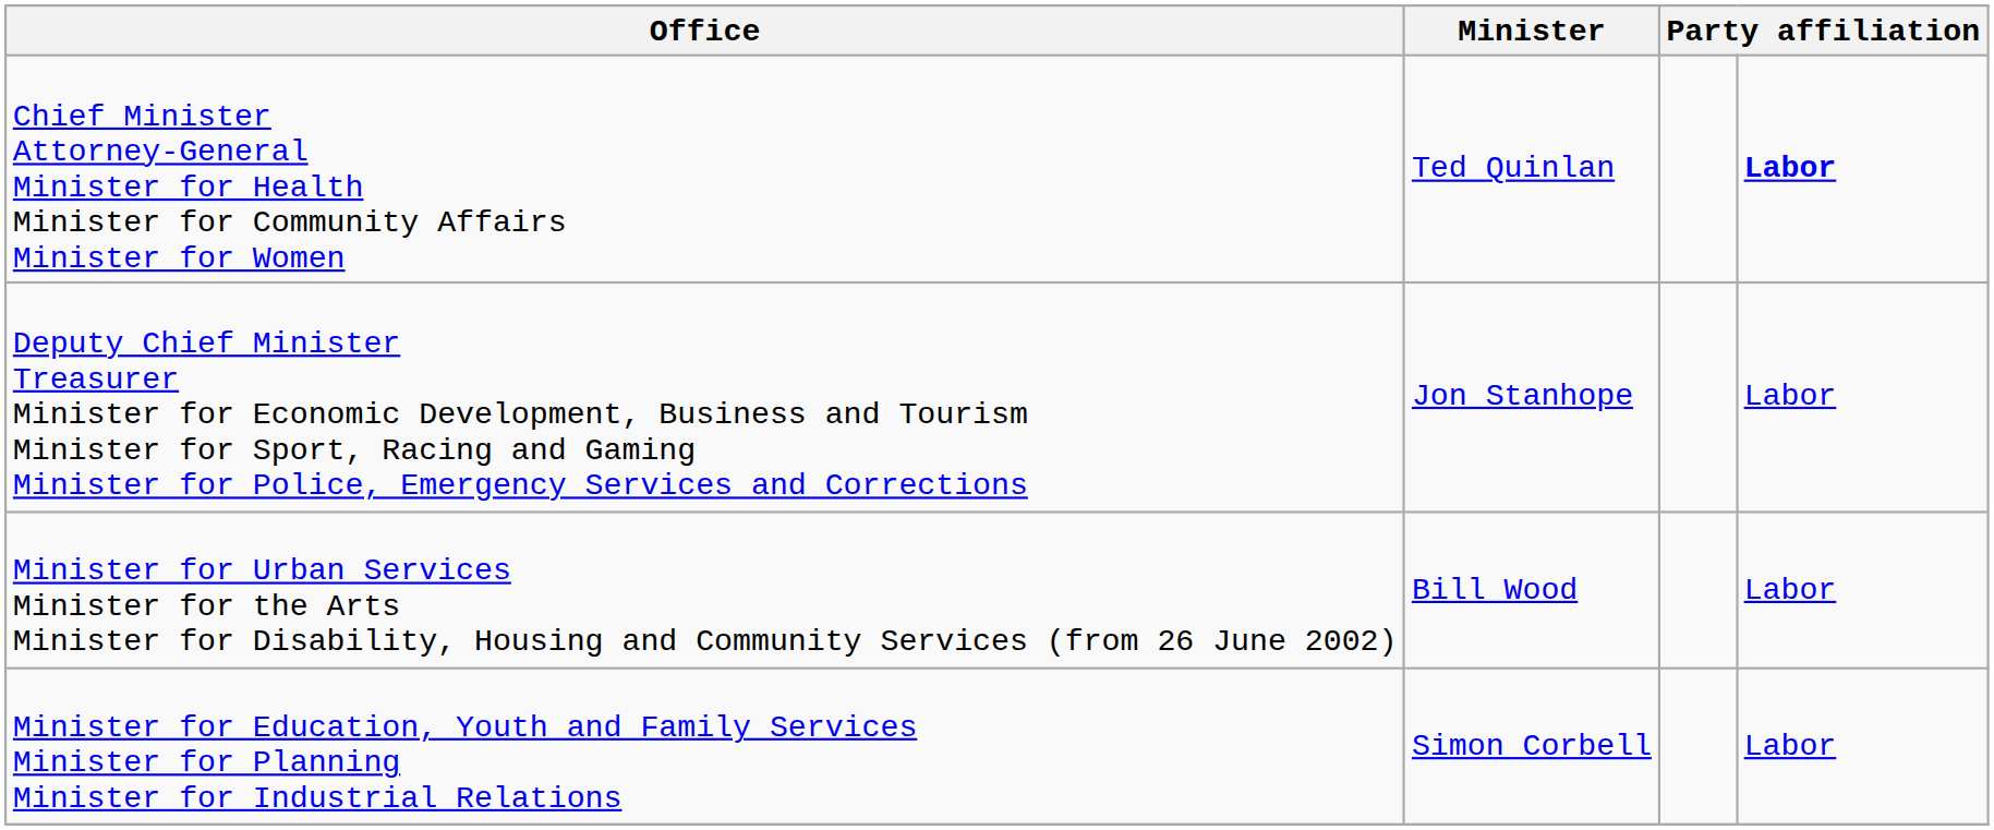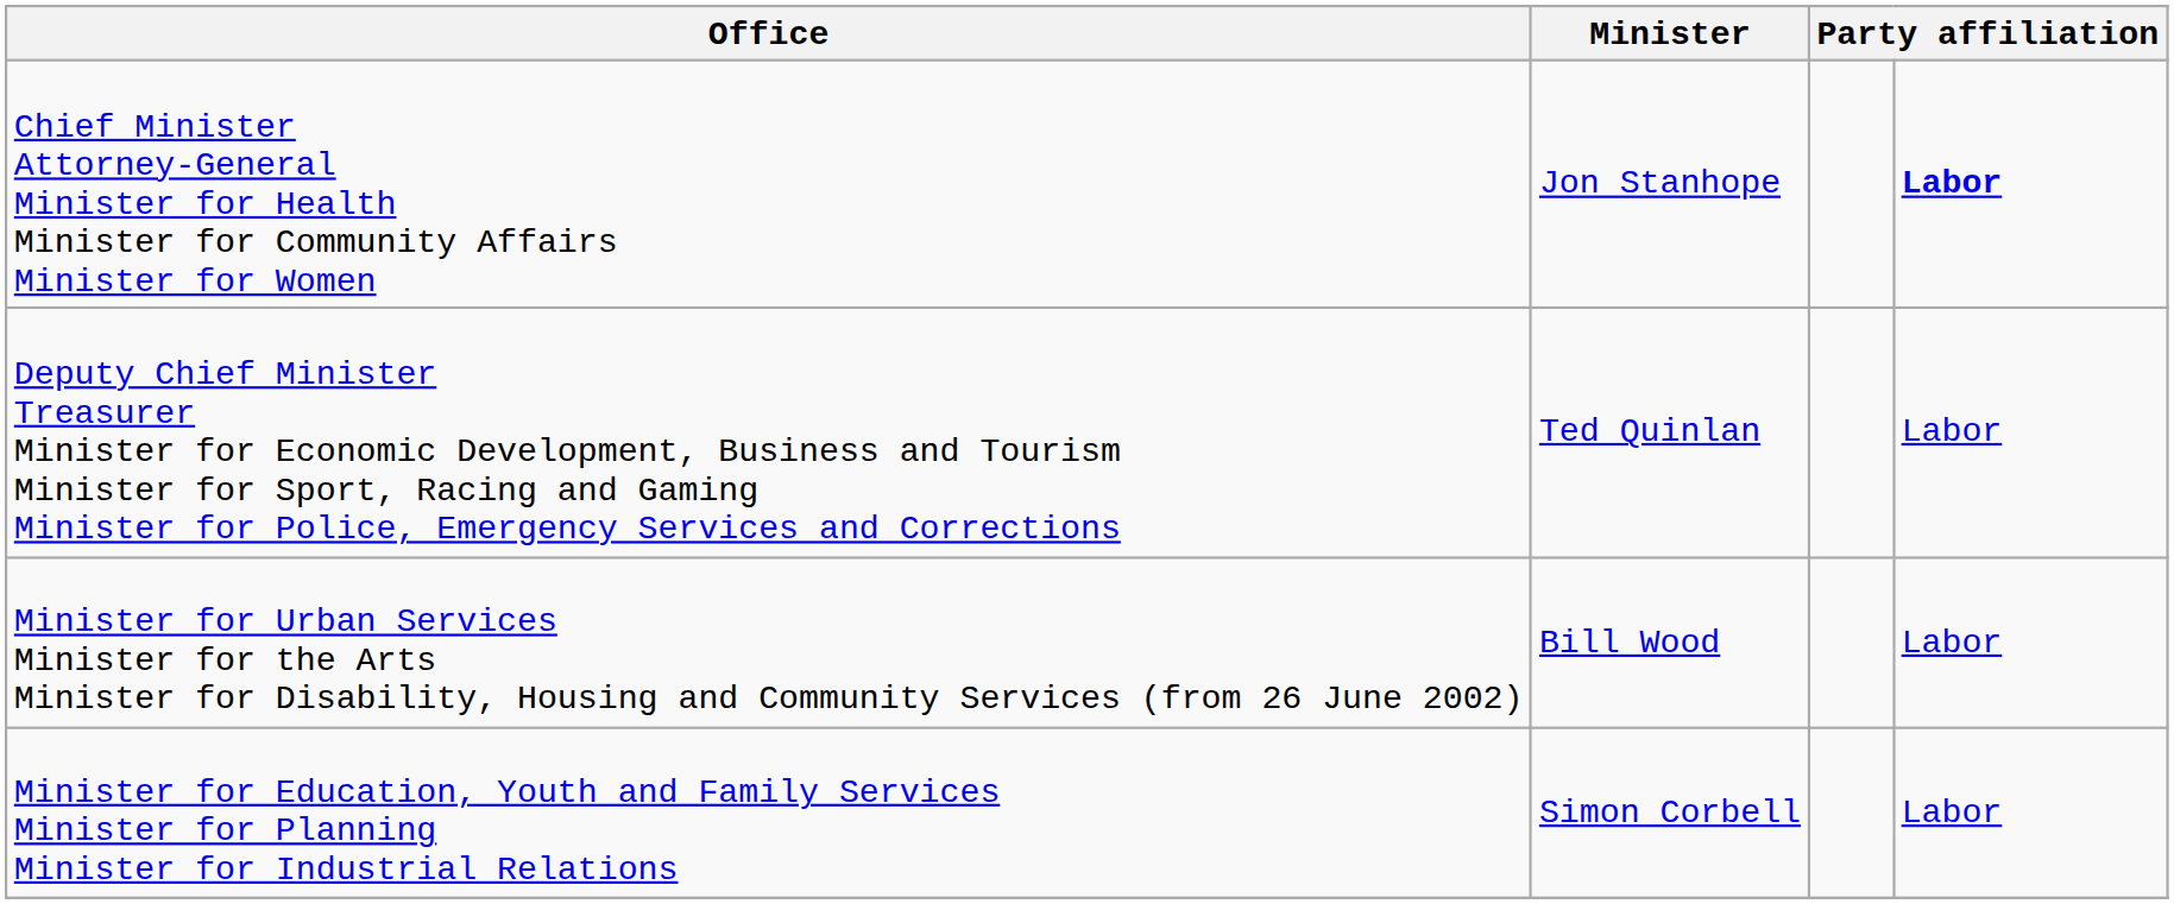 <table class="wikitable">
 <tr>
 <th>Office</th>
 <th>Minister</th>
 <th colspan=2>Party affiliation</th>
 </tr>
 <tr>
 <td><br><a href='#'>Chief Minister</a><br> <a href='#'>Attorney-General</a><br> <a href='#'>Minister for Health</a><br> Minister for Community Affairs<br> <a href='#'>Minister for Women</a></td>
-<td><a href='#'>Ted Quinlan</a></td>
+<td><a href='#'>Jon Stanhope</a></td>
 <td> </td>
 <td><strong><a href='#'>Labor</a></strong></td>
 </tr>
 <tr>
 <td><br><a href='#'>Deputy Chief Minister</a><br> <a href='#'>Treasurer</a><br> Minister for Economic Development, Business and Tourism<br> Minister for Sport, Racing and Gaming<br> <a href='#'>Minister for Police, Emergency Services and Corrections</a></td>
-<td><a href='#'>Jon Stanhope</a></td>
+<td><a href='#'>Ted Quinlan</a></td>
 <td> </td>
 <td><a href='#'>Labor</a></td>
 </tr>
 <tr>
 <td><br><a href='#'>Minister for Urban Services</a><br> Minister for the Arts<br> Minister for Disability, Housing and Community Services (from 26 June 2002)</td>
 <td><a href='#'>Bill Wood</a></td>
 <td> </td>
 <td><a href='#'>Labor</a></td>
 </tr>
 <tr>
 <td><br><a href='#'>Minister for Education, Youth and Family Services</a><br> <a href='#'>Minister for Planning</a><br> <a href='#'>Minister for Industrial Relations</a></td>
 <td><a href='#'>Simon Corbell</a></td>
 <td> </td>
 <td><a href='#'>Labor</a></td>
 </tr>
 <tr>
 </tr>
 </table>
